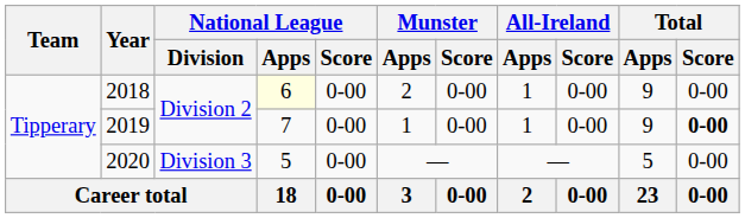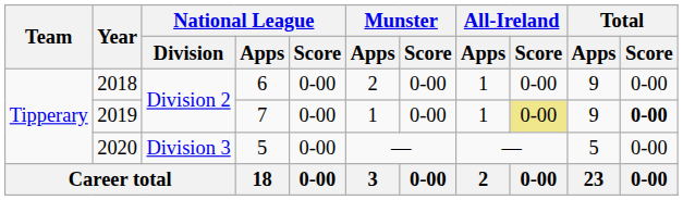 <table class="wikitable" style="text-align:center">
 <tr>
 <th rowspan="2">Team</th>
 <th rowspan="2">Year</th>
 <th colspan="3"><a href='#'>National League</a></th>
 <th colspan="2"><a href='#'>Munster</a></th>
 <th colspan="2"><a href='#'>All-Ireland</a></th>
 <th colspan="2">Total</th>
 </tr>
 <tr>
 <th>Division</th>
 <th>Apps</th>
 <th>Score</th>
 <th>Apps</th>
 <th>Score</th>
 <th>Apps</th>
 <th>Score</th>
 <th>Apps</th>
 <th>Score</th>
 </tr>
 <tr>
 <td rowspan="3"><a href='#'>Tipperary</a></td>
 <td>2018</td>
 <td rowspan="2"><a href='#'>Division 2</a></td>
-<td style="background: lightyellow;">6</td>
+<td>6</td>
 <td>0-00</td>
 <td>2</td>
 <td>0-00</td>
 <td>1</td>
 <td>0-00</td>
 <td>9</td>
 <td>0-00</td>
 </tr>
 <tr>
 <td>2019</td>
 <td>7</td>
 <td>0-00</td>
 <td>1</td>
 <td>0-00</td>
 <td>1</td>
-<td>0-00</td>
+<td style="background: khaki;">0-00</td>
 <td>9</td>
 <td><strong>0-00</strong></td>
 </tr>
 <tr>
 <td>2020</td>
 <td><a href='#'>Division 3</a></td>
 <td>5</td>
 <td>0-00</td>
 <td colspan=2>—</td>
 <td colspan=2>—</td>
 <td>5</td>
 <td>0-00</td>
 </tr>
 <tr>
 <th colspan="3">Career total</th>
 <th>18</th>
 <th>0-00</th>
 <th>3</th>
 <th>0-00</th>
 <th>2</th>
 <th>0-00</th>
 <th>23</th>
 <th>0-00</th>
 </tr>
 </table>
